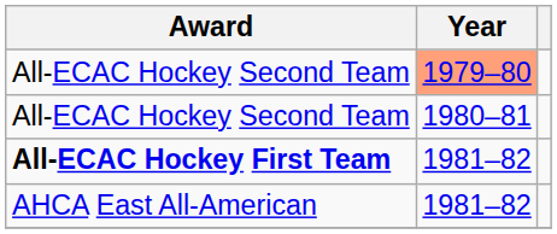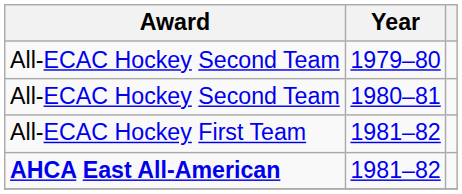 <table class="wikitable">
 <tr>
 <th>Award</th>
 <th>Year</th>
 <th></th>
 </tr>
 <tr>
 <td>All-<a href='#'>ECAC Hockey</a> <a href='#'>Second Team</a></td>
-<td style="background: lightsalmon;"><a href='#'>1979–80</a></td>
+<td><a href='#'>1979–80</a></td>
 <td></td>
 </tr>
 <tr>
 <td>All-<a href='#'>ECAC Hockey</a> <a href='#'>Second Team</a></td>
 <td><a href='#'>1980–81</a></td>
 <td></td>
 </tr>
 <tr>
-<td><strong>All-<a href='#'>ECAC Hockey</a> <a href='#'>First Team</a></strong></td>
+<td>All-<a href='#'>ECAC Hockey</a> <a href='#'>First Team</a></td>
 <td><a href='#'>1981–82</a></td>
 <td></td>
 </tr>
 <tr>
-<td><a href='#'>AHCA</a> <a href='#'>East All-American</a></td>
+<td><strong><a href='#'>AHCA</a> <a href='#'>East All-American</a></strong></td>
 <td><a href='#'>1981–82</a></td>
 <td></td>
 </tr>
 <tr>
 </tr>
 </table>
